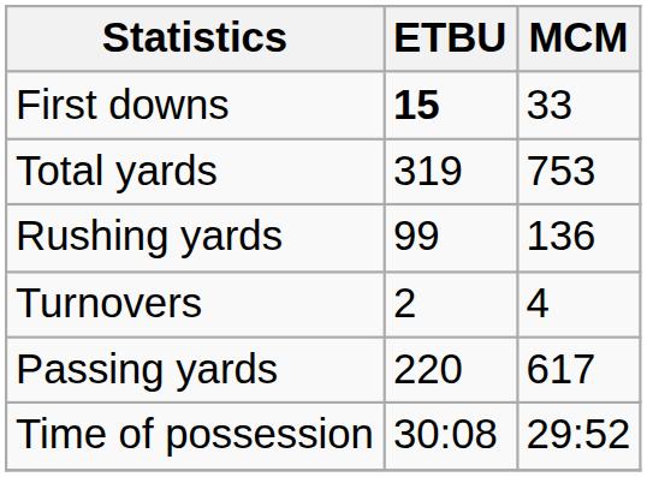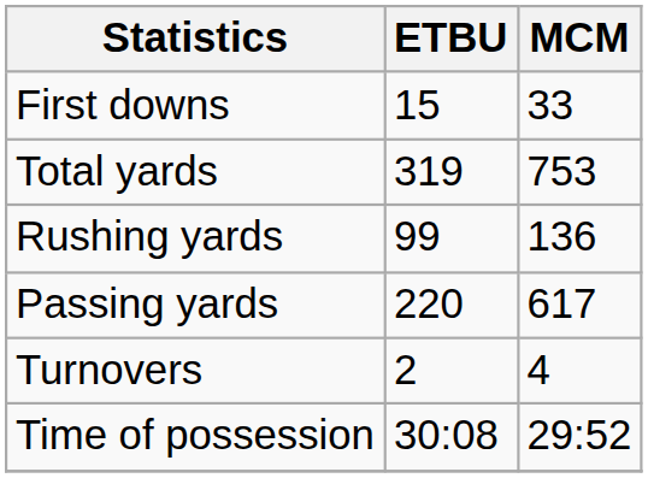 <table class="wikitable">
 <tr>
 <th>Statistics</th>
 <th>ETBU</th>
 <th>MCM</th>
 </tr>
 <tr>
 <td>First downs</td>
-<td><strong>15</strong></td>
+<td>15</td>
 <td>33</td>
 </tr>
 <tr>
 <td>Total yards</td>
 <td>319</td>
 <td>753</td>
 </tr>
 <tr>
 <td>Rushing yards</td>
 <td>99</td>
 <td>136</td>
 </tr>
 <tr>
+<td>Passing yards</td>
+<td>220</td>
+<td>617</td>
+</tr>
+<tr>
 <td>Turnovers</td>
 <td>2</td>
 <td>4</td>
-</tr>
-<tr>
-<td>Passing yards</td>
-<td>220</td>
-<td>617</td>
 </tr>
 <tr>
 <td>Time of possession</td>
 <td>30:08</td>
 <td>29:52</td>
 </tr>
 <tr>
 </tr>
 </table>
